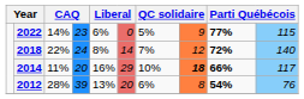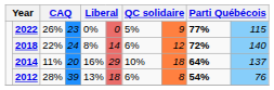 <table class="wikitable" style="float:right; width:400; font-size:90%; margin-left:1em;">
 <tr>
 <th colspan="2" scope="col">Year</th>
 <th colspan="2" scope="col"><a href='#'>CAQ</a></th>
 <th colspan="2" scope="col"><a href='#'>Liberal</a></th>
 <th colspan="2" scope="col"><a href='#'>QC solidaire</a></th>
 <th colspan="2" scope="col"><a href='#'>Parti Québécois</a></th>
 </tr>
 <tr>
 <td rowspan="4" style="width: 0.25em; background-color: "></td>
 <th><a href='#'>2022</a></th>
-<td>14%</td>
+<td>26%</td>
 <td style="text-align:right; background:#1E90FF;"><em>23</em></td>
-<td>6%</td>
+<td>0%</td>
 <td style="text-align:right; background:#EA6D6A;"><em>0</em></td>
 <td>5%</td>
 <td style="text-align:right; background:#FF8040;"><em>9</em></td>
 <td><strong>77%</strong></td>
 <td style="text-align:right; background:#87CEFA;"><em>115</em></td>
 </tr>
 <tr>
 <th><a href='#'>2018</a></th>
 <td>22%</td>
 <td style="text-align:right; background:#1E90FF;"><em>24</em></td>
 <td>8%</td>
 <td style="text-align:right; background:#EA6D6A;"><em>14</em></td>
-<td>7%</td>
+<td>6%</td>
 <td style="text-align:right; background:#FF8040;"><em>12</em></td>
 <td><strong>72%</strong></td>
 <td style="text-align:right; background:#87CEFA;"><em>140</em></td>
 </tr>
 <tr>
 <th><a href='#'>2014</a></th>
 <td>11%</td>
 <td style="text-align:right; background:#1E90FF;"><em>20</em></td>
 <td>16%</td>
 <td style="text-align:right; background:#EA6D6A;"><em>29</em></td>
 <td>10%</td>
-<td style="text-align:right; background:#FF8040;"><strong><em>18</em></strong></td>
-<td><strong>66%</strong></td>
-<td style="text-align:right; background:#87CEFA;"><em>117</em></td>
+<td style="text-align:right; background:#FF8040;"><em>18</em></td>
+<td><strong>64%</strong></td>
+<td style="text-align:right; background:#87CEFA;"><em>137</em></td>
 </tr>
 <tr>
 <th><a href='#'>2012</a></th>
 <td>28%</td>
 <td style="text-align:right; background:#1E90FF;"><em>39</em></td>
 <td>13%</td>
-<td style="text-align:right; background:#EA6D6A;"><em>20</em></td>
+<td style="text-align:right; background:#EA6D6A;"><em>18</em></td>
 <td>6%</td>
 <td style="text-align:right; background:#FF8040;"><em>8</em></td>
 <td><strong>54%</strong></td>
 <td style="text-align:right; background:#87CEFA;"><em>76</em></td>
 </tr>
 <tr>
 </tr>
 </table>
